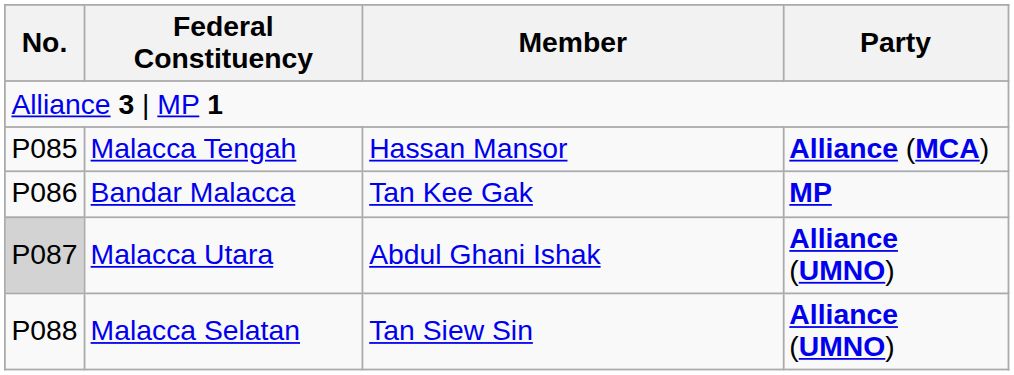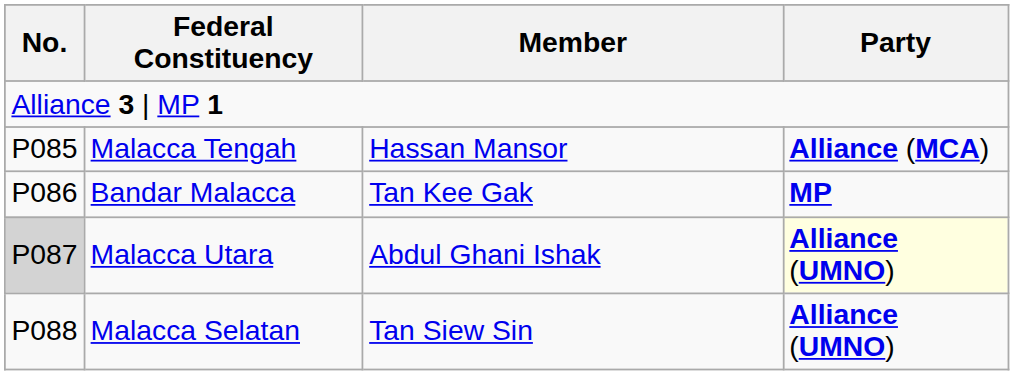 <table class="wikitable sortable">
 <tr>
 <th style="width:30px;">No.</th>
 <th style="width:150px;">Federal Constituency</th>
 <th style="width:230px;">Member</th>
 <th style="width:120px;">Party</th>
 </tr>
 <tr>
 <td colspan="4"><a href='#'>Alliance</a> <strong>3</strong> | <a href='#'>MP</a> <strong>1</strong></td>
 </tr>
 <tr>
 <td>P085</td>
 <td><a href='#'>Malacca Tengah</a></td>
 <td><a href='#'>Hassan Mansor</a></td>
 <td><strong><a href='#'>Alliance</a></strong> (<strong><a href='#'>MCA</a></strong>)</td>
 </tr>
 <tr>
 <td>P086</td>
 <td><a href='#'>Bandar Malacca</a></td>
 <td><a href='#'>Tan Kee Gak</a></td>
 <td><strong><a href='#'>MP</a></strong></td>
 </tr>
 <tr>
 <td style="background: lightgrey;">P087</td>
 <td><a href='#'>Malacca Utara</a></td>
 <td><a href='#'>Abdul Ghani Ishak</a></td>
-<td><strong><a href='#'>Alliance</a></strong> (<strong><a href='#'>UMNO</a></strong>)</td>
+<td style="background: lightyellow;"><strong><a href='#'>Alliance</a></strong> (<strong><a href='#'>UMNO</a></strong>)</td>
 </tr>
 <tr>
 <td>P088</td>
 <td><a href='#'>Malacca Selatan</a></td>
 <td><a href='#'>Tan Siew Sin</a></td>
 <td><strong><a href='#'>Alliance</a></strong> (<strong><a href='#'>UMNO</a></strong>)</td>
 </tr>
 </table>
